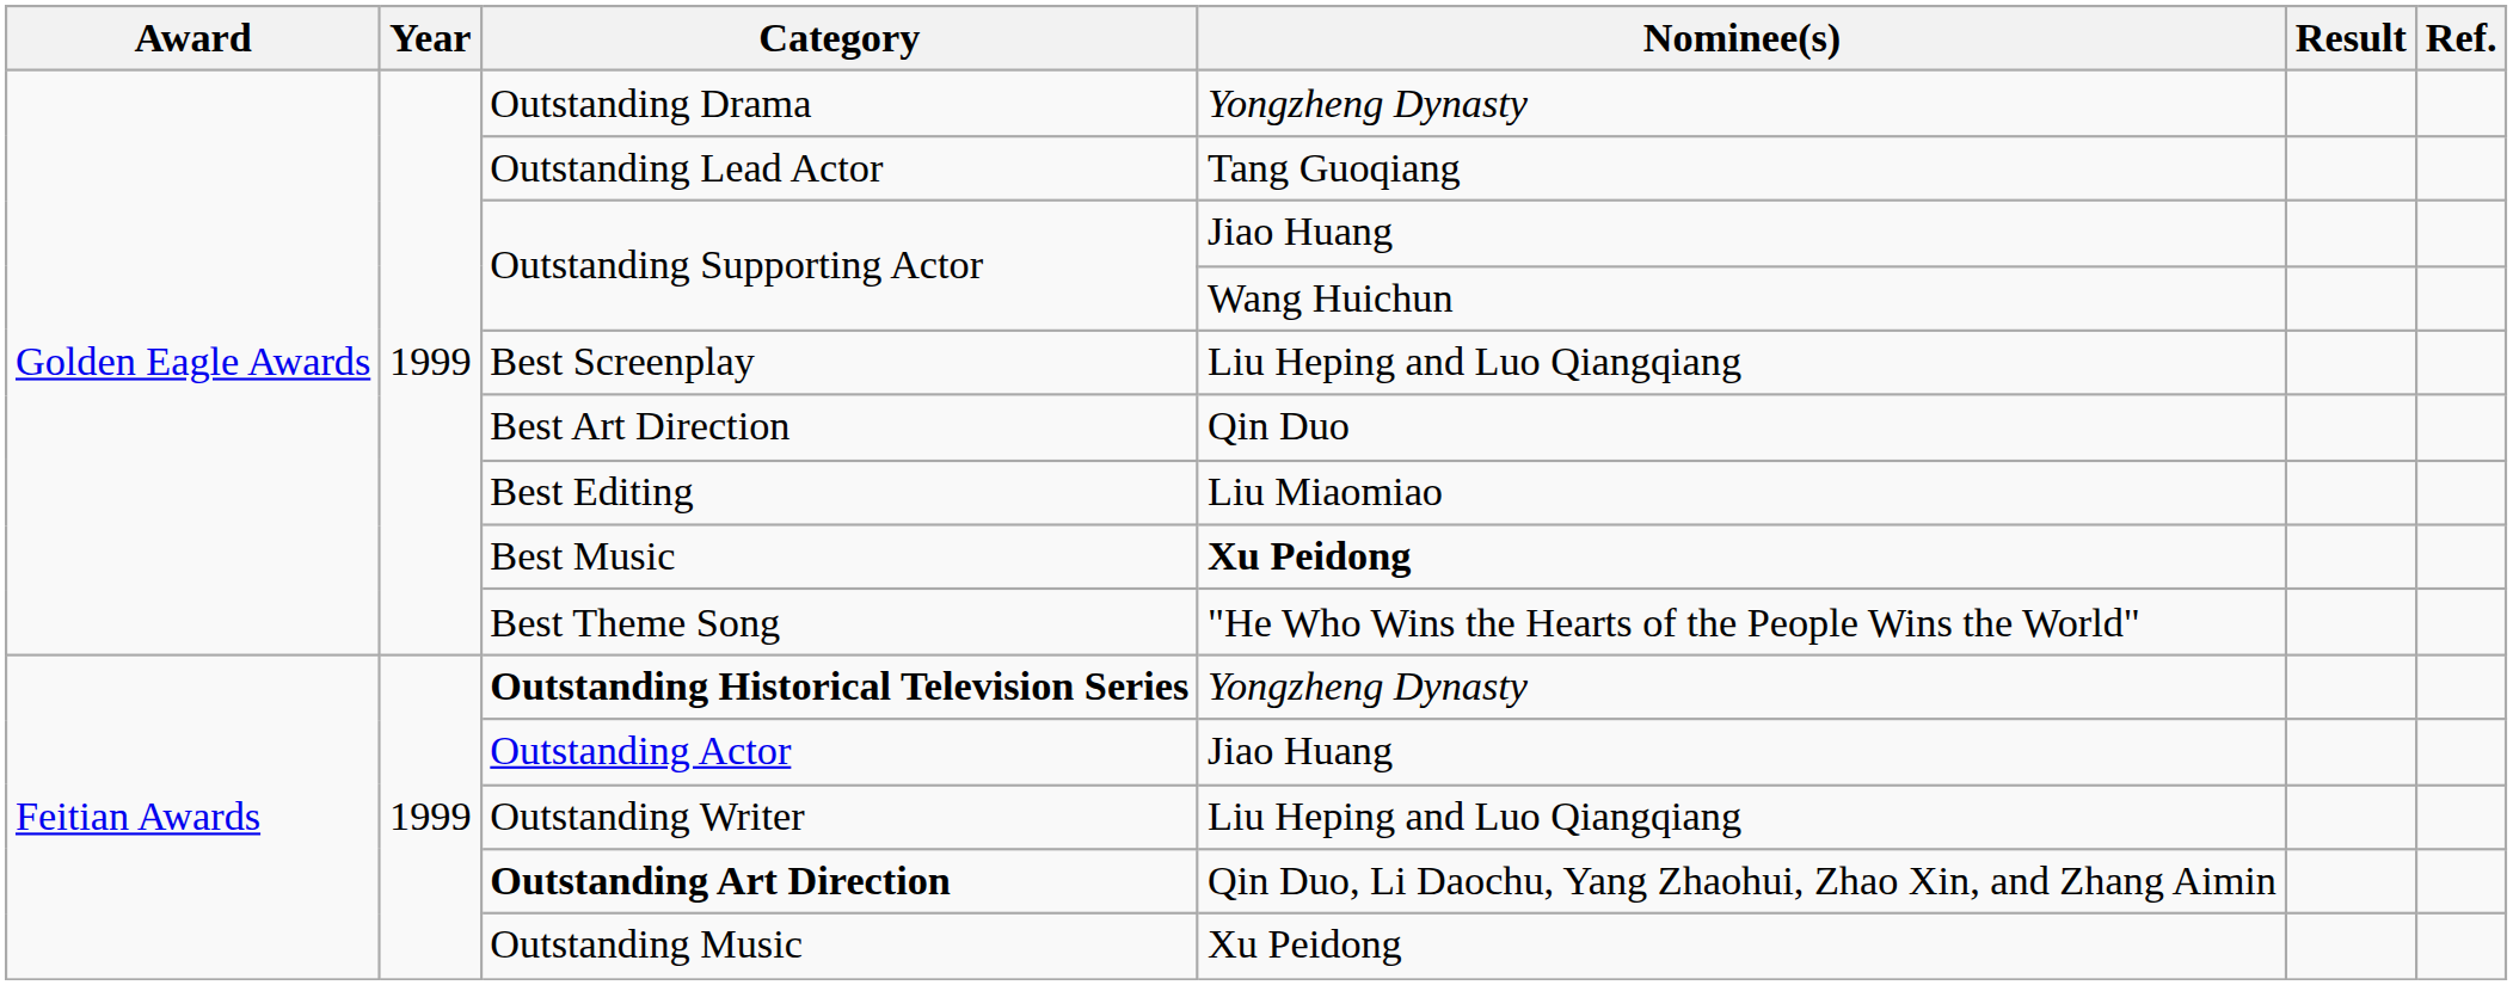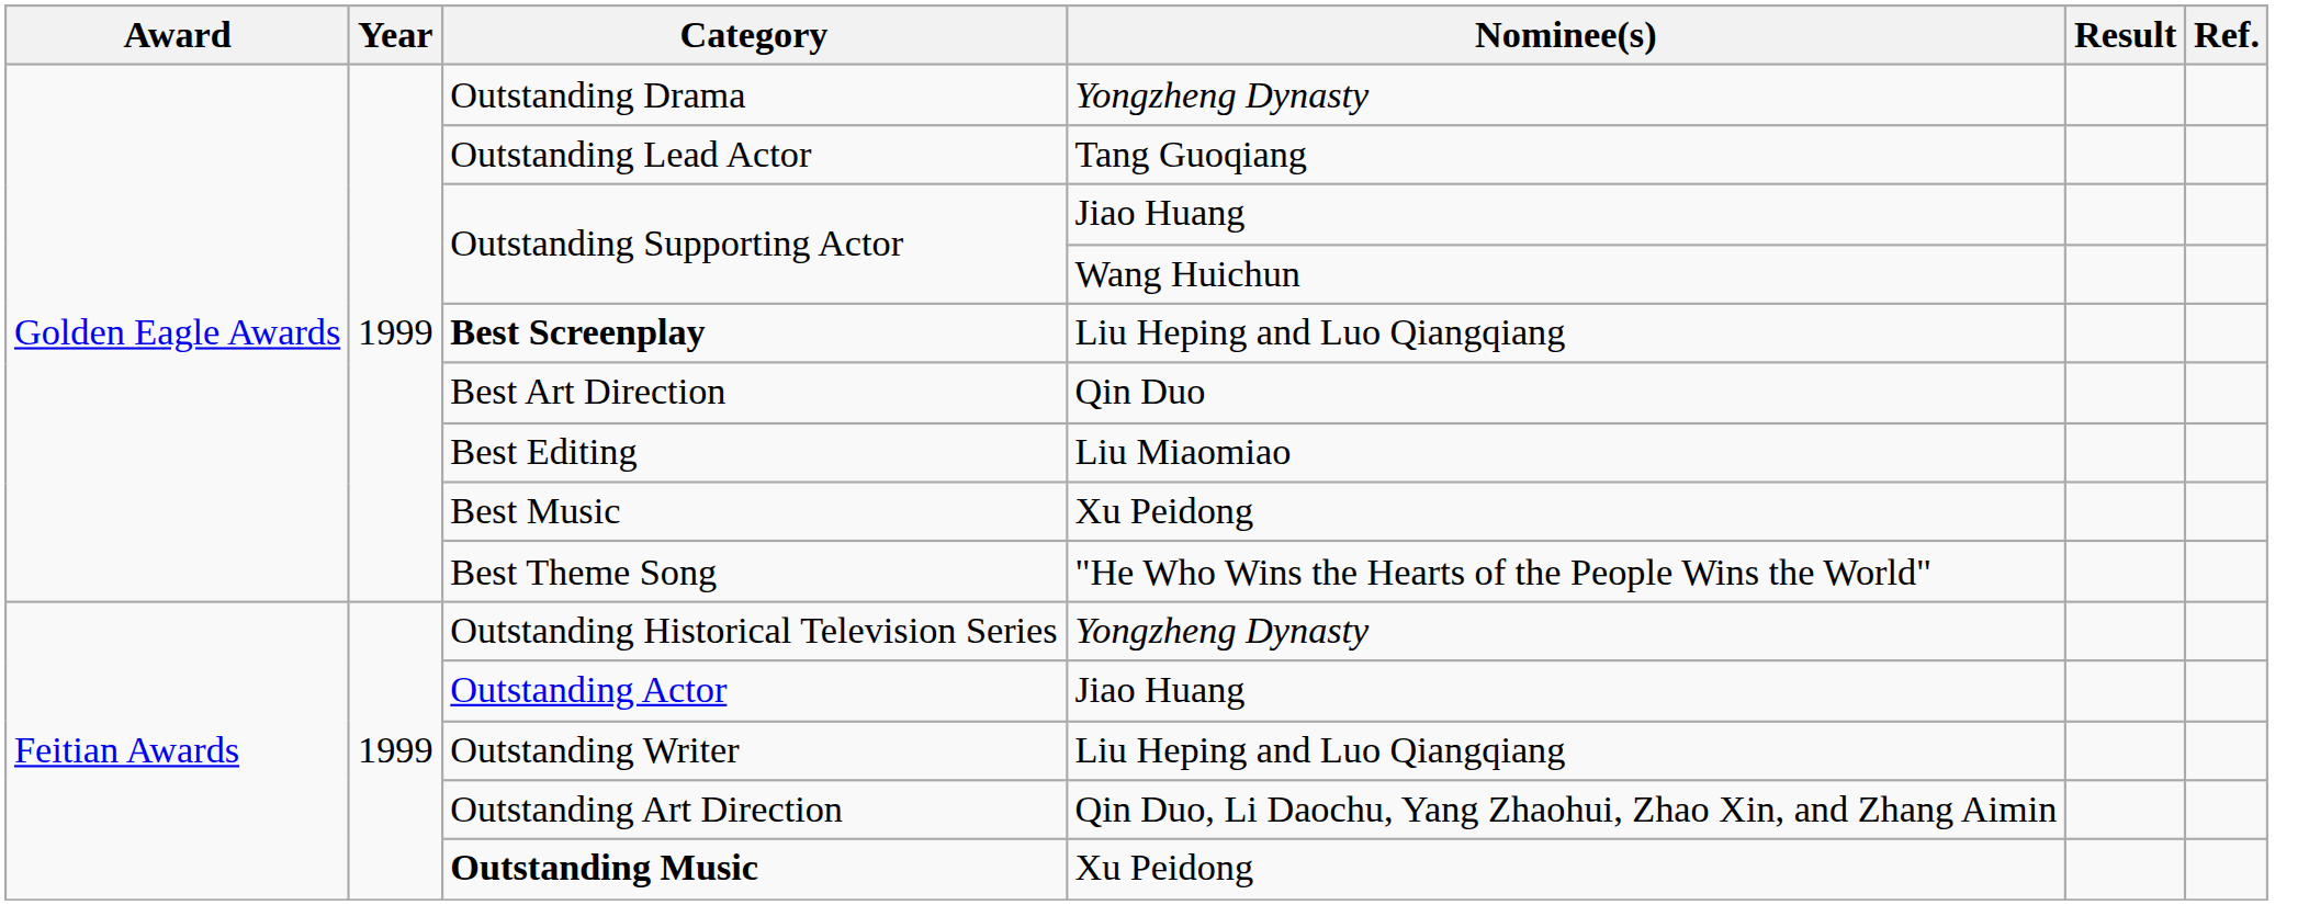 <table class="wikitable">
 <tr>
 <th>Award</th>
 <th>Year</th>
 <th>Category</th>
 <th>Nominee(s)</th>
 <th>Result</th>
 <th>Ref.</th>
 </tr>
 <tr>
 <td rowspan="9"><a href='#'>Golden Eagle Awards</a></td>
 <td rowspan="9">1999</td>
 <td>Outstanding Drama</td>
 <td><em>Yongzheng Dynasty</em></td>
 <td></td>
 <td></td>
 </tr>
 <tr>
 <td>Outstanding Lead Actor</td>
 <td>Tang Guoqiang</td>
 <td></td>
 <td></td>
 </tr>
 <tr>
 <td rowspan="2">Outstanding Supporting Actor</td>
 <td>Jiao Huang</td>
 <td></td>
 <td></td>
 </tr>
 <tr>
 <td>Wang Huichun</td>
 <td></td>
 <td></td>
 </tr>
 <tr>
-<td>Best Screenplay</td>
+<td><strong>Best Screenplay</strong></td>
 <td>Liu Heping and Luo Qiangqiang</td>
 <td></td>
 <td></td>
 </tr>
 <tr>
 <td>Best Art Direction</td>
 <td>Qin Duo</td>
 <td></td>
 <td></td>
 </tr>
 <tr>
 <td>Best Editing</td>
 <td>Liu Miaomiao</td>
 <td></td>
 <td></td>
 </tr>
 <tr>
 <td>Best Music</td>
-<td><strong>Xu Peidong</strong></td>
+<td>Xu Peidong</td>
 <td></td>
 <td></td>
 </tr>
 <tr>
 <td>Best Theme Song</td>
 <td>"He Who Wins the Hearts of the People Wins the World"</td>
 <td></td>
 <td></td>
 </tr>
 <tr>
 <td rowspan="5"><a href='#'>Feitian Awards</a></td>
 <td rowspan="5">1999</td>
-<td><strong>Outstanding Historical Television Series</strong></td>
+<td>Outstanding Historical Television Series</td>
 <td><em>Yongzheng Dynasty</em></td>
 <td></td>
 <td></td>
 </tr>
 <tr>
 <td><a href='#'>Outstanding Actor</a></td>
 <td>Jiao Huang</td>
 <td></td>
 <td></td>
 </tr>
 <tr>
 <td>Outstanding Writer</td>
 <td>Liu Heping and Luo Qiangqiang</td>
 <td></td>
 <td></td>
 </tr>
 <tr>
-<td><strong>Outstanding Art Direction</strong></td>
+<td>Outstanding Art Direction</td>
 <td>Qin Duo, Li Daochu, Yang Zhaohui, Zhao Xin, and Zhang Aimin</td>
 <td></td>
 <td></td>
 </tr>
 <tr>
-<td>Outstanding Music</td>
+<td><strong>Outstanding Music</strong></td>
 <td>Xu Peidong</td>
 <td></td>
 <td></td>
 </tr>
 </table>
